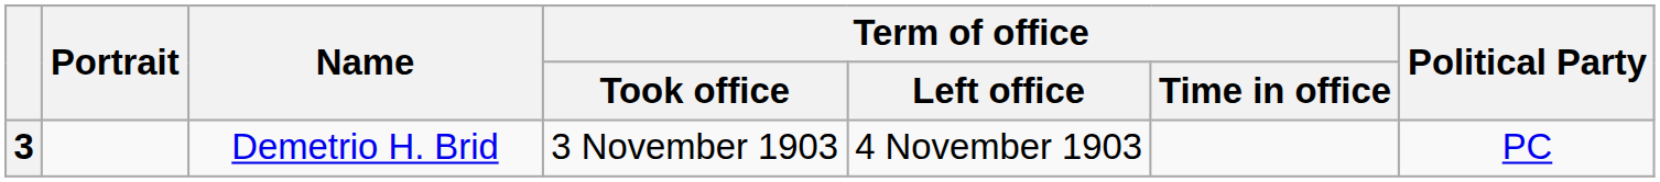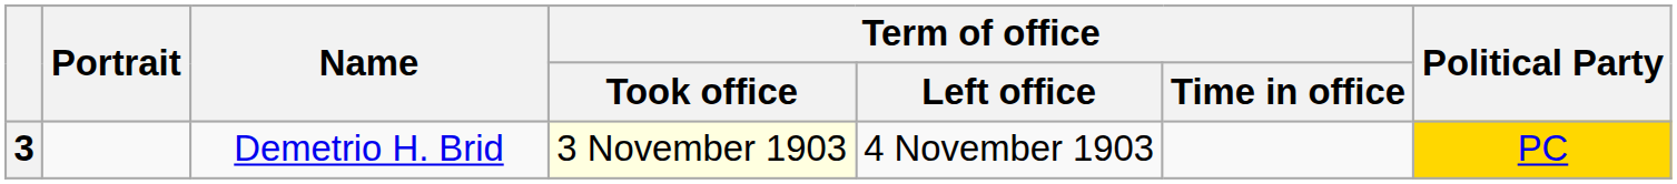 <table class="wikitable" style="text-align:center">
 <tr style="background:#cccccc">
 <th rowspan=2></th>
 <th rowspan=2>Portrait</th>
 <th width=150 rowspan=2>Name<br></th>
 <th width=100 colspan=3>Term of office</th>
 <th rowspan=2>Political Party</th>
 </tr>
 <tr>
 <th>Took office</th>
 <th>Left office</th>
 <th>Time in office</th>
 </tr>
 <tr>
 <th style="background:">3</th>
 <td></td>
 <td><a href='#'>Demetrio H. Brid</a><br></td>
-<td>3 November 1903</td>
+<td style="background: lightyellow;">3 November 1903</td>
 <td>4 November 1903</td>
 <td></td>
-<td><a href='#'>PC</a></td>
+<td style="background: gold;"><a href='#'>PC</a></td>
 </tr>
 </table>
